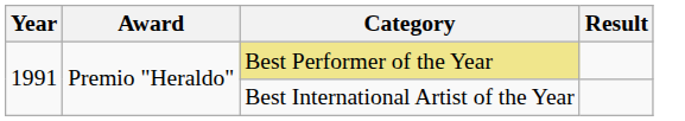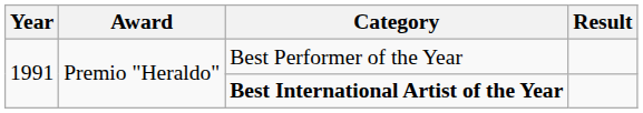 <table class="wikitable">
 <tr>
 <th>Year</th>
 <th>Award</th>
 <th>Category</th>
 <th>Result</th>
 </tr>
 <tr>
 <td rowspan="2">1991</td>
 <td rowspan="2">Premio "Heraldo"</td>
-<td style="background: khaki;">Best Performer of the Year</td>
+<td>Best Performer of the Year</td>
 <td></td>
 </tr>
 <tr>
-<td>Best International Artist of the Year</td>
+<td><strong>Best International Artist of the Year</strong></td>
 <td></td>
 </tr>
 </table>
